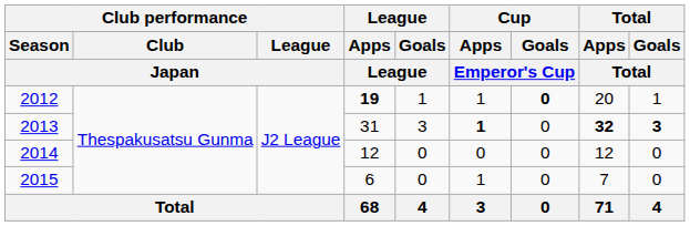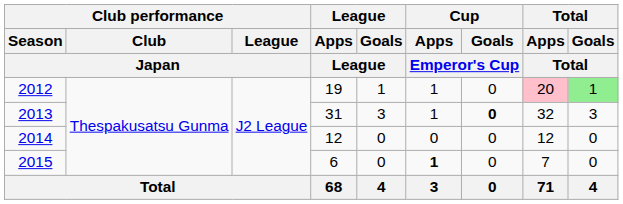 <table class="wikitable" style="text-align:center;">
 <tr>
 <th colspan=3>Club performance</th>
 <th colspan=2>League</th>
 <th colspan=2>Cup</th>
 <th colspan=2>Total</th>
 </tr>
 <tr>
 <th>Season</th>
 <th>Club</th>
 <th>League</th>
 <th>Apps</th>
 <th>Goals</th>
 <th>Apps</th>
 <th>Goals</th>
 <th>Apps</th>
 <th>Goals</th>
 </tr>
 <tr>
 <th colspan=3>Japan</th>
 <th colspan=2>League</th>
 <th colspan=2><a href='#'>Emperor's Cup</a></th>
 <th colspan=2>Total</th>
 </tr>
 <tr>
 <td><a href='#'>2012</a></td>
 <td rowspan=4><a href='#'>Thespakusatsu Gunma</a></td>
 <td rowspan=4><a href='#'>J2 League</a></td>
-<td><strong>19</strong></td>
+<td>19</td>
 <td>1</td>
 <td>1</td>
-<td><strong>0</strong></td>
-<td>20</td>
-<td>1</td>
+<td>0</td>
+<td style="background: pink;">20</td>
+<td style="background: lightgreen;">1</td>
 </tr>
 <tr>
 <td><a href='#'>2013</a></td>
 <td>31</td>
 <td>3</td>
-<td><strong>1</strong></td>
-<td>0</td>
-<td><strong>32</strong></td>
-<td><strong>3</strong></td>
+<td>1</td>
+<td><strong>0</strong></td>
+<td>32</td>
+<td>3</td>
 </tr>
 <tr>
 <td><a href='#'>2014</a></td>
 <td>12</td>
 <td>0</td>
 <td>0</td>
 <td>0</td>
 <td>12</td>
 <td>0</td>
 </tr>
 <tr>
 <td><a href='#'>2015</a></td>
 <td>6</td>
 <td>0</td>
-<td>1</td>
+<td><strong>1</strong></td>
 <td>0</td>
 <td>7</td>
 <td>0</td>
 </tr>
 <tr>
 <th colspan=3>Total</th>
 <th>68</th>
 <th>4</th>
 <th>3</th>
 <th>0</th>
 <th>71</th>
 <th>4</th>
 </tr>
 </table>
